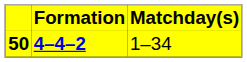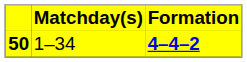 <table class="toccolours" border="0" cellpadding="2" cellspacing="0" align="center" style="margin: 0.5em 0 1em 1em; background: #000000; border: 1px #aaaaaa solid;">
 <tr bgcolor=#FFFF00>
 <th></th>
+<th>Matchday(s)</th>
 <th>Formation</th>
-<th>Matchday(s)</th>
 </tr>
 <tr bgcolor=#FFFF00>
 <td><strong>50</strong></td>
+<td>1–34</td>
 <td><a href='#'><span><strong>4–4–2</strong></span></a></td>
-<td>1–34</td>
 </tr>
 </table>
